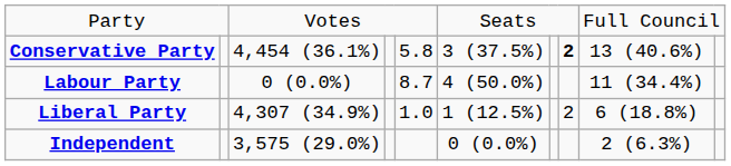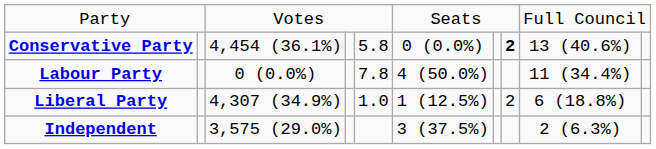 <table class=wikitable style="text-align:center;">
 <tr>
 <td colspan=2>Party</td>
 <td colspan=3>Votes</td>
 <td colspan=3>Seats</td>
 <td colspan=3>Full Council</td>
 </tr>
 <tr>
 <td><strong><a href='#'>Conservative Party</a></strong></td>
 <td style="background:"></td>
 <td>4,454 (36.1%)</td>
 <td></td>
 <td> 5.8</td>
-<td>3 (37.5%)</td>
+<td>0 (0.0%)</td>
 <td></td>
 <td><strong> 2</strong></td>
 <td>13 (40.6%)</td>
 <td></td>
 </tr>
 <tr>
 <td><strong><a href='#'>Labour Party</a></strong></td>
 <td style="background:"></td>
 <td>0 (0.0%)</td>
 <td></td>
-<td> 8.7</td>
+<td> 7.8</td>
 <td>4 (50.0%)</td>
 <td></td>
 <td></td>
 <td>11 (34.4%)</td>
 <td></td>
 </tr>
 <tr>
 <td><strong><a href='#'>Liberal Party</a></strong></td>
 <td style="background:"></td>
 <td>4,307 (34.9%)</td>
 <td></td>
 <td> 1.0</td>
 <td>1 (12.5%)</td>
 <td></td>
 <td> 2</td>
 <td>6 (18.8%)</td>
 <td></td>
 </tr>
 <tr>
 <td><strong><a href='#'>Independent</a></strong></td>
 <td style="background:"></td>
 <td>3,575 (29.0%)</td>
 <td></td>
 <td></td>
-<td>0 (0.0%)</td>
+<td>3 (37.5%)</td>
 <td></td>
 <td></td>
 <td>2 (6.3%)</td>
 <td></td>
 </tr>
 </table>
